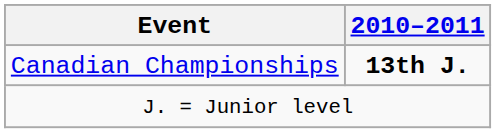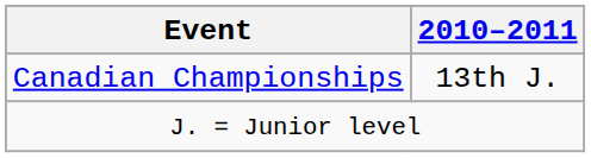 <table class="wikitable" style="text-align:center">
 <tr>
 <th>Event</th>
 <th><a href='#'>2010–2011</a></th>
 </tr>
 <tr>
 <td align=left><a href='#'>Canadian Championships</a></td>
-<td><strong>13th J.</strong></td>
+<td>13th J.</td>
 </tr>
 <tr>
 <td colspan=2 align=center><small> J. = Junior level </small></td>
 </tr>
 </table>
